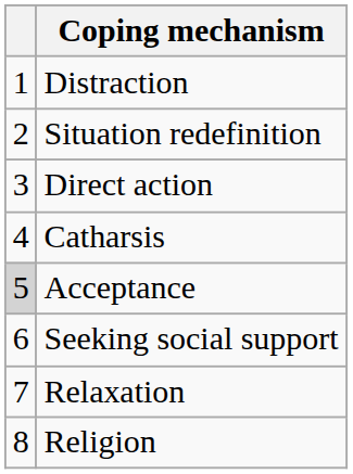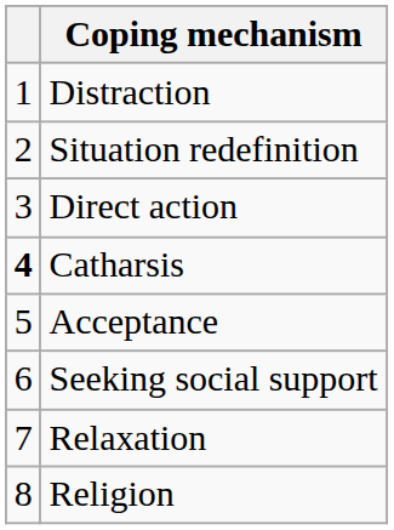 <table class="wikitable mw-collapsible">
 <tr>
 <th></th>
 <th>Coping mechanism</th>
 </tr>
 <tr>
 <td>1</td>
 <td>Distraction</td>
 </tr>
 <tr>
 <td>2</td>
 <td>Situation redefinition</td>
 </tr>
 <tr>
 <td>3</td>
 <td>Direct action</td>
 </tr>
 <tr>
-<td>4</td>
+<td><strong>4</strong></td>
 <td>Catharsis</td>
 </tr>
 <tr>
-<td style="background: lightgrey;">5</td>
+<td>5</td>
 <td>Acceptance</td>
 </tr>
 <tr>
 <td>6</td>
 <td>Seeking social support</td>
 </tr>
 <tr>
 <td>7</td>
 <td>Relaxation</td>
 </tr>
 <tr>
 <td>8</td>
 <td>Religion</td>
 </tr>
 </table>
